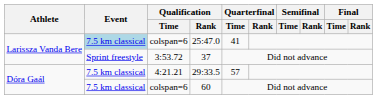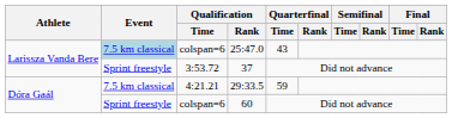 <table class="wikitable" style="font-size:90%">
 <tr>
 <th rowspan="2">Athlete</th>
 <th rowspan="2">Event</th>
 <th colspan="2">Qualification</th>
 <th colspan="2">Quarterfinal</th>
 <th colspan="2">Semifinal</th>
 <th colspan="2">Final</th>
 </tr>
 <tr style="font-size:95%">
 <th>Time</th>
 <th>Rank</th>
 <th>Time</th>
 <th>Rank</th>
 <th>Time</th>
 <th>Rank</th>
 <th>Time</th>
 <th>Rank</th>
 </tr>
 <tr align=center>
 <td align=left rowspan=2><a href='#'>Larissza Vanda Bere</a></td>
 <td align=left style="background: lightblue;"><a href='#'>7.5 km classical</a></td>
 <td>colspan=6</td>
 <td>25:47.0</td>
-<td>41</td>
+<td>43</td>
 </tr>
 <tr align=center>
 <td align=left><a href='#'>Sprint freestyle</a></td>
 <td>3:53.72</td>
 <td>37</td>
 <td colspan=6>Did not advance</td>
 </tr>
 <tr align=center>
 <td align=left rowspan=2><a href='#'>Dóra Gaál</a></td>
 <td align=left><a href='#'>7.5 km classical</a></td>
 <td>4:21.21</td>
 <td>29:33.5</td>
-<td>57</td>
+<td>59</td>
 </tr>
 <tr align=center>
-<td align=left><a href='#'>7.5 km classical</a></td>
+<td align=left><a href='#'>Sprint freestyle</a></td>
 <td>colspan=6</td>
 <td>60</td>
 <td colspan=6>Did not advance</td>
 </tr>
 </table>
